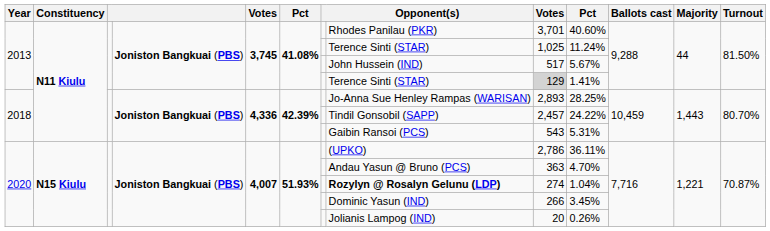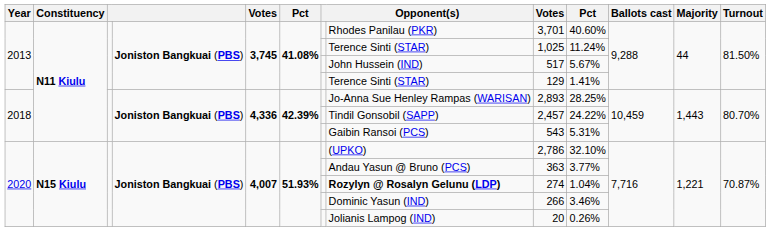 <table class="wikitable" style="margin:0.5em ; font-size:95%">
 <tr>
 <th>Year</th>
 <th>Constituency</th>
 <th colspan=2></th>
 <th>Votes</th>
 <th>Pct</th>
 <th colspan=2>Opponent(s)</th>
 <th>Votes</th>
 <th>Pct</th>
 <th>Ballots cast</th>
 <th>Majority</th>
 <th>Turnout</th>
 </tr>
 <tr>
 <td rowspan=4>2013</td>
 <td rowspan=7><strong>N11 <a href='#'>Kiulu</a></strong></td>
 <td rowspan=4 ></td>
 <td rowspan=4><strong>Joniston Bangkuai</strong> (<a href='#'><strong>PBS</strong></a>)</td>
 <td rowspan=4 align="right"><strong>3,745</strong></td>
 <td rowspan=4><strong>41.08%</strong></td>
 <td></td>
 <td>Rhodes Panilau (<a href='#'>PKR</a>)</td>
 <td align="right">3,701</td>
 <td>40.60%</td>
 <td rowspan=4>9,288</td>
 <td rowspan=4>44</td>
 <td rowspan=4>81.50%</td>
 </tr>
 <tr>
 <td></td>
 <td>Terence Sinti (<a href='#'>STAR</a>)</td>
 <td align="right">1,025</td>
 <td>11.24%</td>
 </tr>
 <tr>
 <td></td>
 <td>John Hussein (<a href='#'>IND</a>)</td>
 <td align="right">517</td>
 <td>5.67%</td>
 </tr>
 <tr>
 <td></td>
 <td>Terence Sinti (<a href='#'>STAR</a>)</td>
-<td align="right" style="background: lightgrey;">129</td>
+<td align="right">129</td>
 <td>1.41%</td>
 </tr>
 <tr>
 <td rowspan=3>2018</td>
 <td rowspan=3 ></td>
 <td rowspan=3><strong>Joniston Bangkuai</strong> (<a href='#'><strong>PBS</strong></a>)</td>
 <td rowspan=3 align="right"><strong>4,336</strong></td>
 <td rowspan=3><strong>42.39%</strong></td>
 <td></td>
 <td>Jo-Anna Sue Henley Rampas (<a href='#'>WARISAN</a>)</td>
 <td align="right">2,893</td>
 <td>28.25%</td>
 <td rowspan=3>10,459</td>
 <td rowspan=3>1,443</td>
 <td rowspan=3>80.70%</td>
 </tr>
 <tr>
 <td></td>
 <td>Tindil Gonsobil (<a href='#'>SAPP</a>)</td>
 <td align="right">2,457</td>
 <td>24.22%</td>
 </tr>
 <tr>
 <td></td>
 <td>Gaibin Ransoi (<a href='#'>PCS</a>)</td>
 <td align="right">543</td>
 <td>5.31%</td>
 </tr>
 <tr>
 <td rowspan=5><a href='#'>2020</a></td>
 <td rowspan=5><strong>N15 <a href='#'>Kiulu</a></strong></td>
 <td rowspan=5 ></td>
 <td rowspan=5><strong>Joniston Bangkuai</strong> (<a href='#'><strong>PBS</strong></a>)</td>
 <td rowspan=5 align="right"><strong>4,007</strong></td>
 <td rowspan=5><strong>51.93%</strong></td>
 <td></td>
 <td> (<a href='#'>UPKO</a>)</td>
 <td align="right">2,786</td>
-<td>36.11%</td>
+<td>32.10%</td>
 <td rowspan=5>7,716</td>
 <td rowspan=5>1,221</td>
 <td rowspan=5>70.87%</td>
 </tr>
 <tr>
 <td></td>
 <td>Andau Yasun @ Bruno (<a href='#'>PCS</a>)</td>
 <td align="right">363</td>
-<td>4.70%</td>
+<td>3.77%</td>
 </tr>
 <tr>
 <td></td>
 <td><strong>Rozylyn @ Rosalyn Gelunu (<a href='#'>LDP</a>)</strong></td>
 <td align="right">274</td>
 <td>1.04%</td>
 </tr>
 <tr>
 <td></td>
 <td>Dominic Yasun (<a href='#'>IND</a>)</td>
 <td align="right">266</td>
-<td>3.45%</td>
+<td>3.46%</td>
 </tr>
 <tr>
 <td></td>
 <td>Jolianis Lampog (<a href='#'>IND</a>)</td>
 <td align="right">20</td>
 <td>0.26%</td>
 </tr>
 </table>
